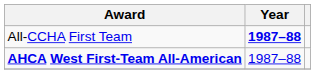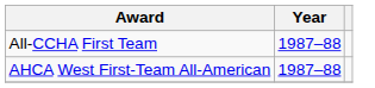 <table class="wikitable">
 <tr>
 <th>Award</th>
 <th>Year</th>
 <th></th>
 </tr>
 <tr>
 <td>All-<a href='#'>CCHA</a> <a href='#'>First Team</a></td>
-<td><strong><a href='#'>1987–88</a></strong></td>
+<td><a href='#'>1987–88</a></td>
 <td></td>
 </tr>
 <tr>
-<td><strong><a href='#'>AHCA</a> <a href='#'>West First-Team All-American</a></strong></td>
+<td><a href='#'>AHCA</a> <a href='#'>West First-Team All-American</a></td>
 <td><a href='#'>1987–88</a></td>
 <td></td>
 </tr>
 <tr>
 </tr>
 </table>
